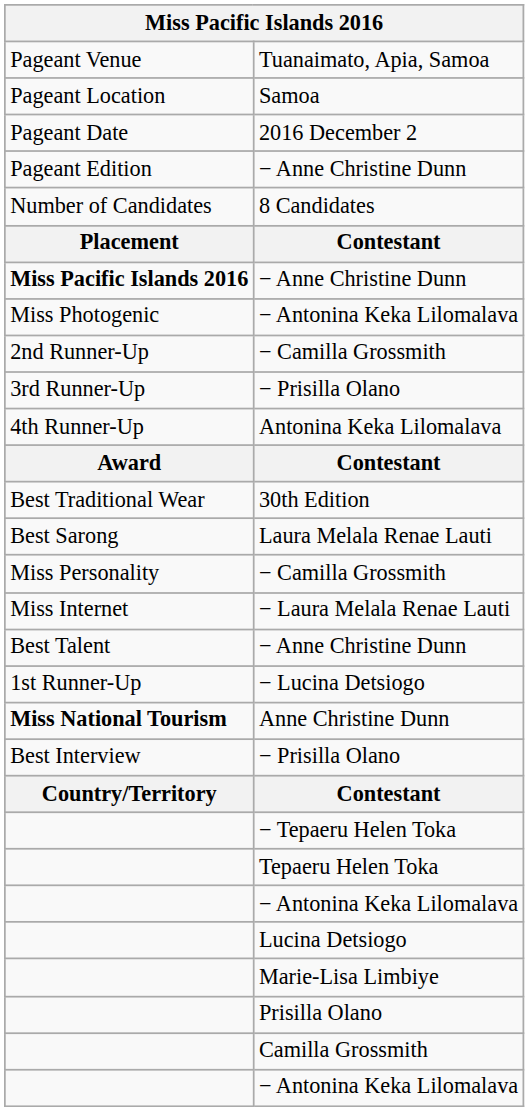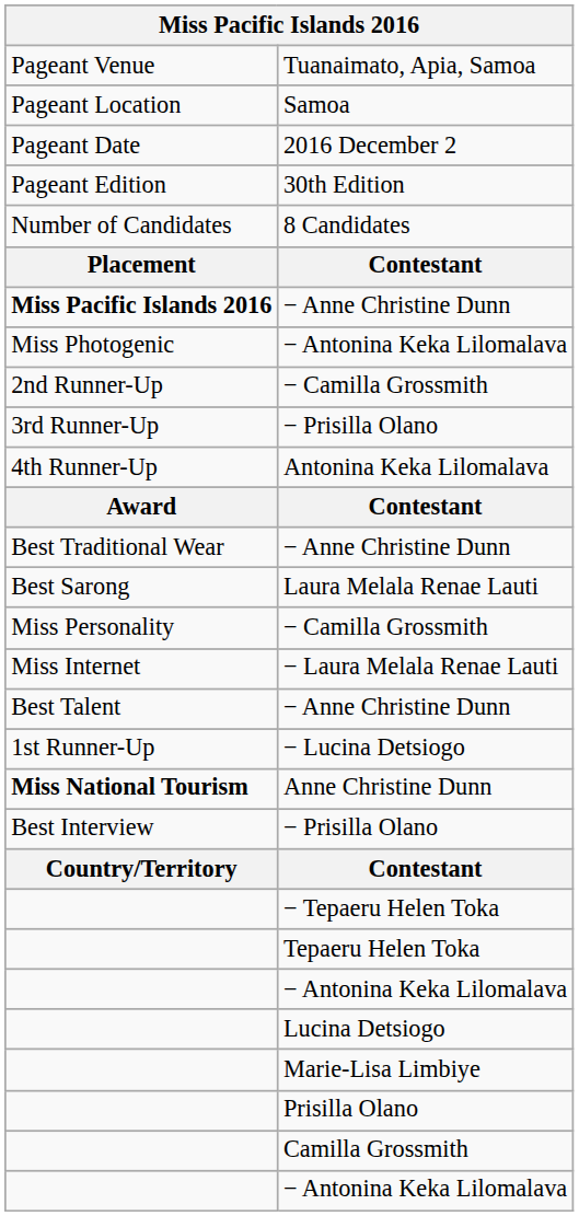 <table class="wikitable sortable" style="font-size: 80%;">
 <tr>
 <th colspan="2"><strong>Miss Pacific Islands 2016</strong></th>
 </tr>
 <tr>
 <td>Pageant Venue</td>
 <td>Tuanaimato, Apia, Samoa</td>
 </tr>
 <tr>
 <td>Pageant Location</td>
 <td>Samoa</td>
 </tr>
 <tr>
 <td>Pageant Date</td>
 <td>2016 December 2</td>
 </tr>
 <tr>
 <td>Pageant Edition</td>
-<td> − Anne Christine Dunn</td>
+<td>30th Edition</td>
 </tr>
 <tr>
 <td>Number of Candidates</td>
 <td>8 Candidates</td>
 </tr>
 <tr>
 <th>Placement</th>
 <th>Contestant</th>
 </tr>
 <tr>
 <td><strong>Miss Pacific Islands 2016</strong></td>
 <td> − Anne Christine Dunn</td>
 </tr>
 <tr>
 <td>Miss Photogenic</td>
 <td> − Antonina Keka Lilomalava</td>
 </tr>
 <tr>
 <td>2nd Runner-Up</td>
 <td> − Camilla Grossmith</td>
 </tr>
 <tr>
 <td>3rd Runner-Up</td>
 <td> − Prisilla Olano</td>
 </tr>
 <tr>
 <td>4th Runner-Up</td>
 <td>Antonina Keka Lilomalava</td>
 </tr>
 <tr>
 <th>Award</th>
 <th>Contestant</th>
 </tr>
 <tr>
 <td>Best Traditional Wear</td>
-<td>30th Edition</td>
+<td> − Anne Christine Dunn</td>
 </tr>
 <tr>
 <td>Best Sarong</td>
 <td>Laura Melala Renae Lauti</td>
 </tr>
 <tr>
 <td>Miss Personality</td>
 <td> − Camilla Grossmith</td>
 </tr>
 <tr>
 <td>Miss Internet</td>
 <td> − Laura Melala Renae Lauti</td>
 </tr>
 <tr>
 <td>Best Talent</td>
 <td> − Anne Christine Dunn</td>
 </tr>
 <tr>
 <td>1st Runner-Up</td>
 <td> − Lucina Detsiogo</td>
 </tr>
 <tr>
 <td><strong>Miss National Tourism</strong></td>
 <td>Anne Christine Dunn</td>
 </tr>
 <tr>
 <td>Best Interview</td>
 <td> − Prisilla Olano</td>
 </tr>
 <tr>
 <th><strong>Country/Territory</strong></th>
 <th>Contestant</th>
 </tr>
 <tr>
 <td></td>
 <td> − Tepaeru Helen Toka</td>
 </tr>
 <tr>
 <td></td>
 <td>Tepaeru Helen Toka</td>
 </tr>
 <tr>
 <td></td>
 <td> − Antonina Keka Lilomalava</td>
 </tr>
 <tr>
 <td></td>
 <td>Lucina Detsiogo</td>
 </tr>
 <tr>
 <td></td>
 <td>Marie-Lisa Limbiye</td>
 </tr>
 <tr>
 <td></td>
 <td>Prisilla Olano</td>
 </tr>
 <tr>
 <td></td>
 <td>Camilla Grossmith</td>
 </tr>
 <tr>
 <td></td>
 <td> − Antonina Keka Lilomalava</td>
 </tr>
 </table>
